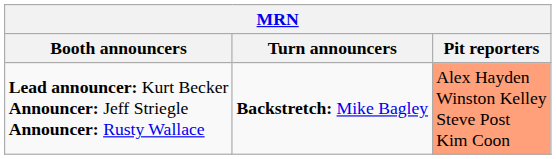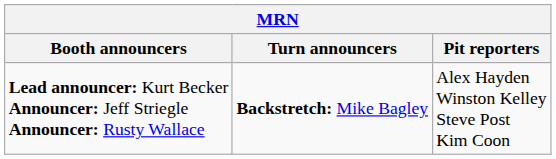 <table class="wikitable" style="font-size: 95%">
 <tr>
 <th colspan="3"><a href='#'>MRN</a></th>
 </tr>
 <tr>
 <th>Booth announcers</th>
 <th>Turn announcers</th>
 <th>Pit reporters</th>
 </tr>
 <tr>
 <td><strong>Lead announcer:</strong> Kurt Becker<br><strong>Announcer:</strong> Jeff Striegle<br><strong>Announcer:</strong> <a href='#'>Rusty Wallace</a></td>
 <td><strong>Backstretch:</strong> <a href='#'>Mike Bagley</a></td>
-<td style="background: lightsalmon;">Alex Hayden<br>Winston Kelley<br>Steve Post<br>Kim Coon</td>
+<td>Alex Hayden<br>Winston Kelley<br>Steve Post<br>Kim Coon</td>
 </tr>
 </table>
